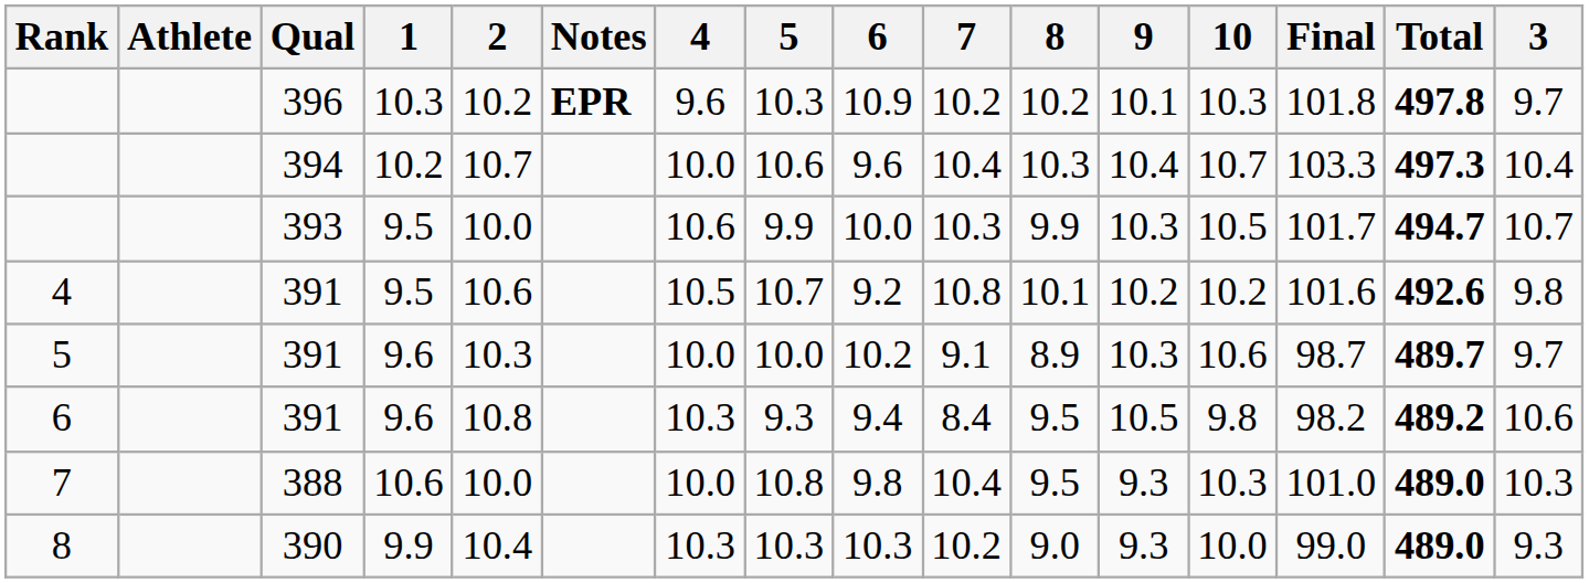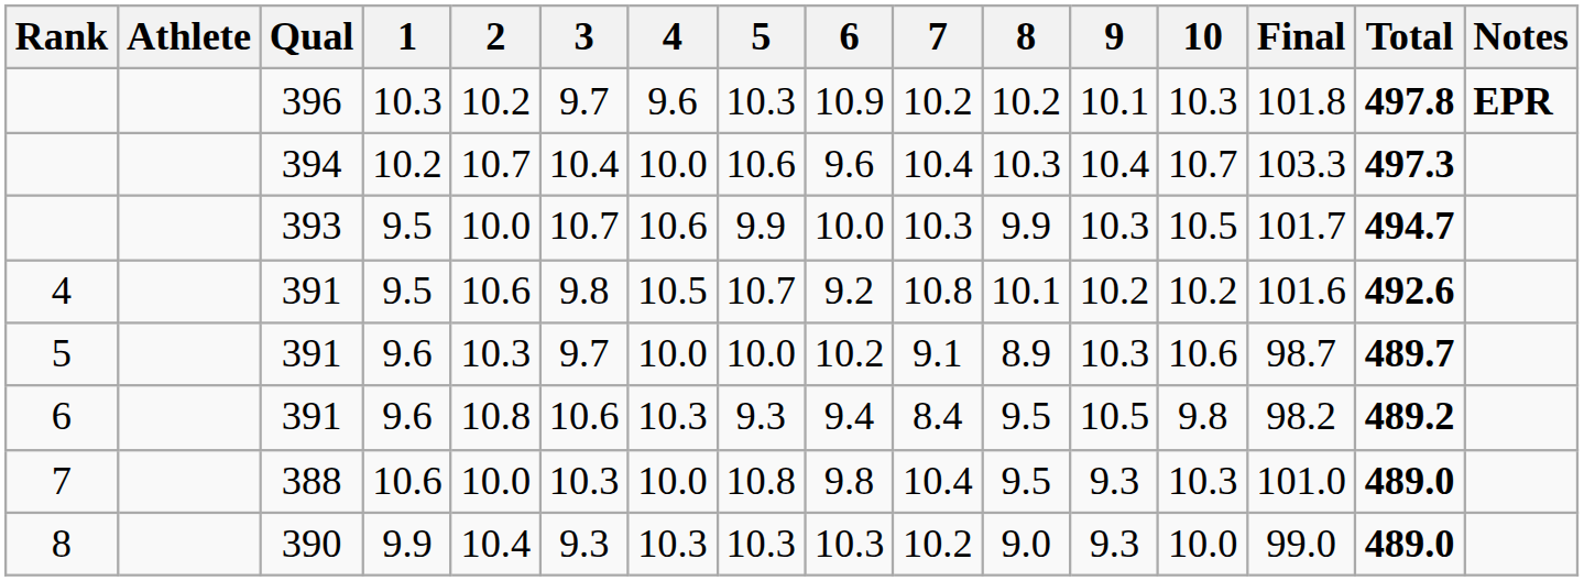 <table class="wikitable sortable">
 <tr>
 <th>Rank</th>
 <th>Athlete</th>
 <th>Qual</th>
 <th class="unsortable" style="width: 28px">1</th>
 <th class="unsortable" style="width: 28px">2</th>
-<th>Notes</th>
+<th class="unsortable" style="width: 28px">3</th>
 <th class="unsortable" style="width: 28px">4</th>
 <th class="unsortable" style="width: 28px">5</th>
 <th class="unsortable" style="width: 28px">6</th>
 <th class="unsortable" style="width: 28px">7</th>
 <th class="unsortable" style="width: 28px">8</th>
 <th class="unsortable" style="width: 28px">9</th>
 <th class="unsortable" style="width: 28px">10</th>
 <th>Final</th>
 <th>Total</th>
-<th class="unsortable" style="width: 28px">3</th>
+<th>Notes</th>
 </tr>
 <tr>
 <td align="center"></td>
 <td></td>
 <td align="center">396</td>
 <td align="center">10.3</td>
 <td align="center">10.2</td>
-<td><strong>EPR</strong></td>
+<td align="center">9.7</td>
 <td align="center">9.6</td>
 <td align="center">10.3</td>
 <td align="center">10.9</td>
 <td align="center">10.2</td>
 <td align="center">10.2</td>
 <td align="center">10.1</td>
 <td align="center">10.3</td>
 <td align="center">101.8</td>
 <td align="center"><strong>497.8</strong></td>
-<td align="center">9.7</td>
+<td><strong>EPR</strong></td>
 </tr>
 <tr>
 <td align="center"></td>
 <td></td>
 <td align="center">394</td>
 <td align="center">10.2</td>
 <td align="center">10.7</td>
-<td></td>
+<td align="center">10.4</td>
 <td align="center">10.0</td>
 <td align="center">10.6</td>
 <td align="center">9.6</td>
 <td align="center">10.4</td>
 <td align="center">10.3</td>
 <td align="center">10.4</td>
 <td align="center">10.7</td>
 <td align="center">103.3</td>
 <td align="center"><strong>497.3</strong></td>
-<td align="center">10.4</td>
+<td></td>
 </tr>
 <tr>
 <td align="center"></td>
 <td></td>
 <td align="center">393</td>
 <td align="center">9.5</td>
 <td align="center">10.0</td>
-<td></td>
+<td align="center">10.7</td>
 <td align="center">10.6</td>
 <td align="center">9.9</td>
 <td align="center">10.0</td>
 <td align="center">10.3</td>
 <td align="center">9.9</td>
 <td align="center">10.3</td>
 <td align="center">10.5</td>
 <td align="center">101.7</td>
 <td align="center"><strong>494.7</strong></td>
-<td align="center">10.7</td>
+<td></td>
 </tr>
 <tr>
 <td align="center">4</td>
 <td></td>
 <td align="center">391</td>
 <td align="center">9.5</td>
 <td align="center">10.6</td>
-<td></td>
+<td align="center">9.8</td>
 <td align="center">10.5</td>
 <td align="center">10.7</td>
 <td align="center">9.2</td>
 <td align="center">10.8</td>
 <td align="center">10.1</td>
 <td align="center">10.2</td>
 <td align="center">10.2</td>
 <td align="center">101.6</td>
 <td align="center"><strong>492.6</strong></td>
-<td align="center">9.8</td>
+<td></td>
 </tr>
 <tr>
 <td align="center">5</td>
 <td></td>
 <td align="center">391</td>
 <td align="center">9.6</td>
 <td align="center">10.3</td>
-<td></td>
+<td align="center">9.7</td>
 <td align="center">10.0</td>
 <td align="center">10.0</td>
 <td align="center">10.2</td>
 <td align="center">9.1</td>
 <td align="center">8.9</td>
 <td align="center">10.3</td>
 <td align="center">10.6</td>
 <td align="center">98.7</td>
 <td align="center"><strong>489.7</strong></td>
-<td align="center">9.7</td>
+<td></td>
 </tr>
 <tr>
 <td align="center">6</td>
 <td></td>
 <td align="center">391</td>
 <td align="center">9.6</td>
 <td align="center">10.8</td>
-<td></td>
+<td align="center">10.6</td>
 <td align="center">10.3</td>
 <td align="center">9.3</td>
 <td align="center">9.4</td>
 <td align="center">8.4</td>
 <td align="center">9.5</td>
 <td align="center">10.5</td>
 <td align="center">9.8</td>
 <td align="center">98.2</td>
 <td align="center"><strong>489.2</strong></td>
-<td align="center">10.6</td>
+<td></td>
 </tr>
 <tr>
 <td align="center">7</td>
 <td></td>
 <td align="center">388</td>
 <td align="center">10.6</td>
 <td align="center">10.0</td>
-<td></td>
+<td align="center">10.3</td>
 <td align="center">10.0</td>
 <td align="center">10.8</td>
 <td align="center">9.8</td>
 <td align="center">10.4</td>
 <td align="center">9.5</td>
 <td align="center">9.3</td>
 <td align="center">10.3</td>
 <td align="center">101.0</td>
 <td align="center"><strong>489.0</strong></td>
-<td align="center">10.3</td>
+<td></td>
 </tr>
 <tr>
 <td align="center">8</td>
 <td></td>
 <td align="center">390</td>
 <td align="center">9.9</td>
 <td align="center">10.4</td>
-<td></td>
+<td align="center">9.3</td>
 <td align="center">10.3</td>
 <td align="center">10.3</td>
 <td align="center">10.3</td>
 <td align="center">10.2</td>
 <td align="center">9.0</td>
 <td align="center">9.3</td>
 <td align="center">10.0</td>
 <td align="center">99.0</td>
 <td align="center"><strong>489.0</strong></td>
-<td align="center">9.3</td>
+<td></td>
 </tr>
 </table>
